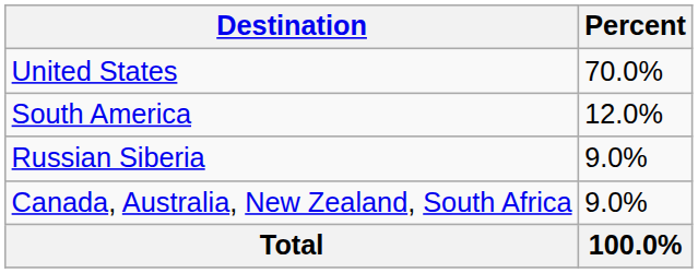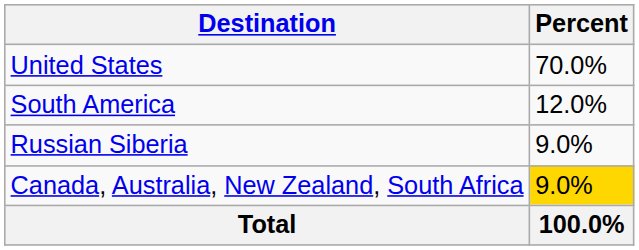 <table class="wikitable sortable" style="margin:1ex 5 1ex 1ex;">
 <tr>
 <th><a href='#'>Destination</a></th>
 <th>Percent</th>
 </tr>
 <tr>
 <td><a href='#'>United States</a></td>
 <td>70.0%</td>
 </tr>
 <tr>
 <td><a href='#'>South America</a></td>
 <td>12.0%</td>
 </tr>
 <tr>
 <td><a href='#'>Russian Siberia</a></td>
 <td>9.0%</td>
 </tr>
 <tr>
 <td><a href='#'>Canada</a>, <a href='#'>Australia</a>, <a href='#'>New Zealand</a>, <a href='#'>South Africa</a></td>
-<td>9.0%</td>
+<td style="background: gold;">9.0%</td>
 </tr>
 <tr>
 <th>Total</th>
 <th>100.0%</th>
 </tr>
 </table>
